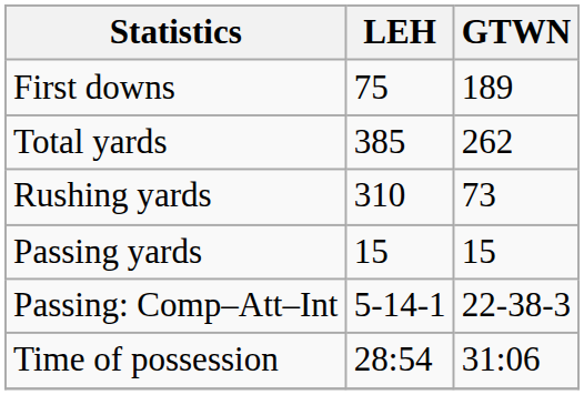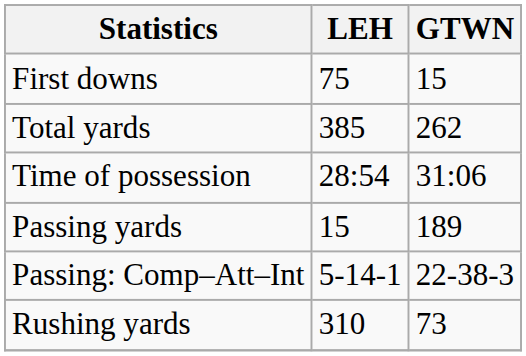 <table class="wikitable" style="float: left;">
 <tr>
 <th>Statistics</th>
 <th>LEH</th>
 <th>GTWN</th>
 </tr>
 <tr>
 <td>First downs</td>
 <td>75</td>
-<td>189</td>
+<td>15</td>
 </tr>
 <tr>
 <td>Total yards</td>
 <td>385</td>
 <td>262</td>
 </tr>
 <tr>
-<td>Rushing yards</td>
-<td>310</td>
-<td>73</td>
+<td>Time of possession</td>
+<td>28:54</td>
+<td>31:06</td>
 </tr>
 <tr>
 <td>Passing yards</td>
 <td>15</td>
-<td>15</td>
+<td>189</td>
 </tr>
 <tr>
 <td>Passing: Comp–Att–Int</td>
 <td>5-14-1</td>
 <td>22-38-3</td>
 </tr>
 <tr>
-<td>Time of possession</td>
-<td>28:54</td>
-<td>31:06</td>
+<td>Rushing yards</td>
+<td>310</td>
+<td>73</td>
 </tr>
 <tr>
 </tr>
 </table>
